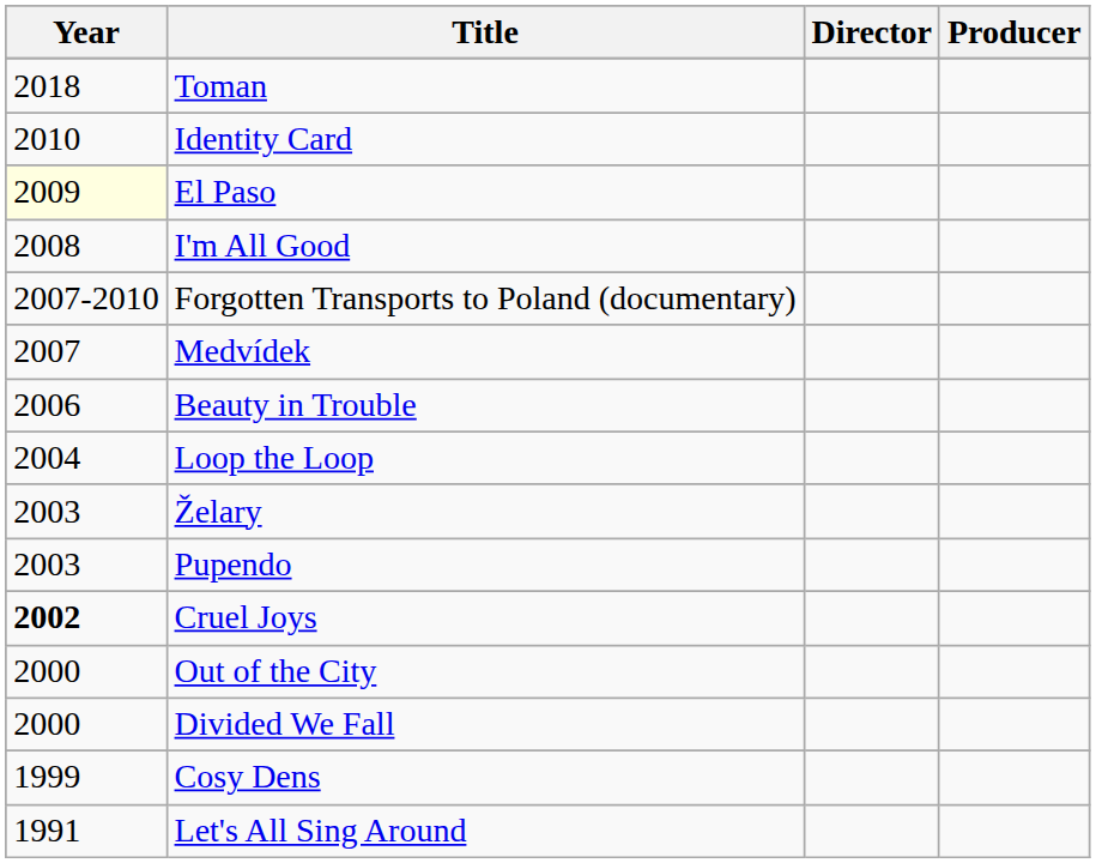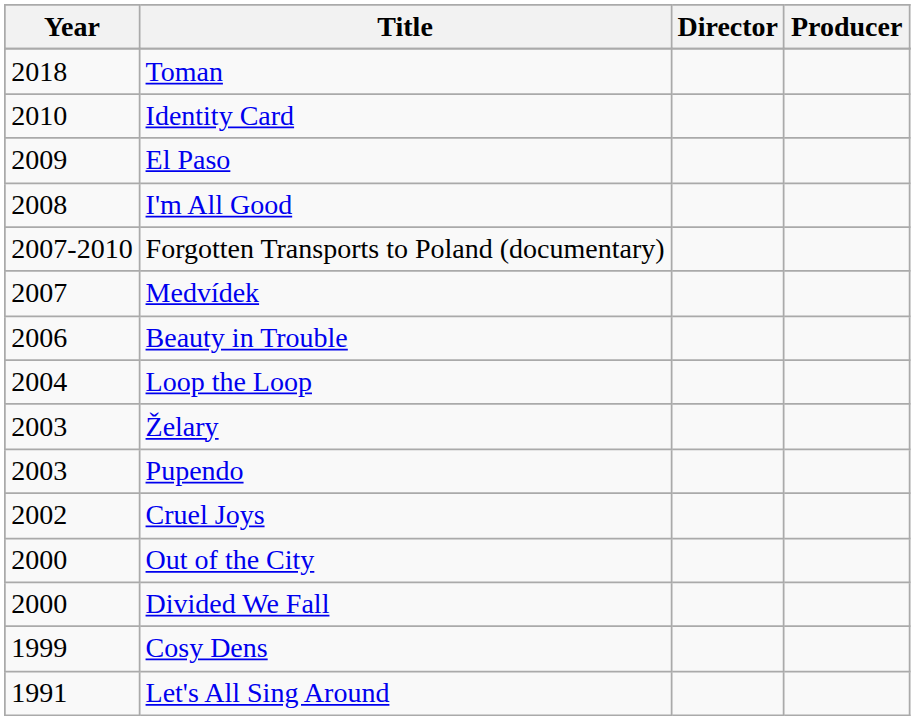 <table class="wikitable">
 <tr>
 <th>Year</th>
 <th>Title</th>
 <th>Director</th>
 <th>Producer</th>
 </tr>
 <tr>
 </tr>
 <tr>
 <td>2018</td>
 <td><a href='#'>Toman</a></td>
 <td></td>
 <td></td>
 </tr>
 <tr>
 <td>2010</td>
 <td><a href='#'>Identity Card</a></td>
 <td></td>
 <td></td>
 </tr>
 <tr>
-<td style="background: lightyellow;">2009</td>
+<td>2009</td>
 <td><a href='#'>El Paso</a></td>
 <td></td>
 <td></td>
 </tr>
 <tr>
 <td>2008</td>
 <td><a href='#'>I'm All Good</a></td>
 <td></td>
 <td></td>
 </tr>
 <tr>
 <td>2007-2010</td>
 <td>Forgotten Transports to Poland (documentary)</td>
 <td></td>
 <td></td>
 </tr>
 <tr>
 <td>2007</td>
 <td><a href='#'>Medvídek</a></td>
 <td></td>
 <td></td>
 </tr>
 <tr>
 <td>2006</td>
 <td><a href='#'>Beauty in Trouble</a></td>
 <td></td>
 <td></td>
 </tr>
 <tr>
 <td>2004</td>
 <td><a href='#'>Loop the Loop</a></td>
 <td></td>
 <td></td>
 </tr>
 <tr>
 <td>2003</td>
 <td><a href='#'>Želary</a></td>
 <td></td>
 <td></td>
 </tr>
 <tr>
 <td>2003</td>
 <td><a href='#'>Pupendo</a></td>
 <td></td>
 <td></td>
 </tr>
 <tr>
-<td><strong>2002</strong></td>
+<td>2002</td>
 <td><a href='#'>Cruel Joys</a></td>
 <td></td>
 <td></td>
 </tr>
 <tr>
 <td>2000</td>
 <td><a href='#'>Out of the City</a></td>
 <td></td>
 <td></td>
 </tr>
 <tr>
 <td>2000</td>
 <td><a href='#'>Divided We Fall</a></td>
 <td></td>
 <td></td>
 </tr>
 <tr>
 <td>1999</td>
 <td><a href='#'>Cosy Dens</a></td>
 <td></td>
 <td></td>
 </tr>
 <tr>
 <td>1991</td>
 <td><a href='#'>Let's All Sing Around</a></td>
 <td></td>
 <td></td>
 </tr>
 </table>
